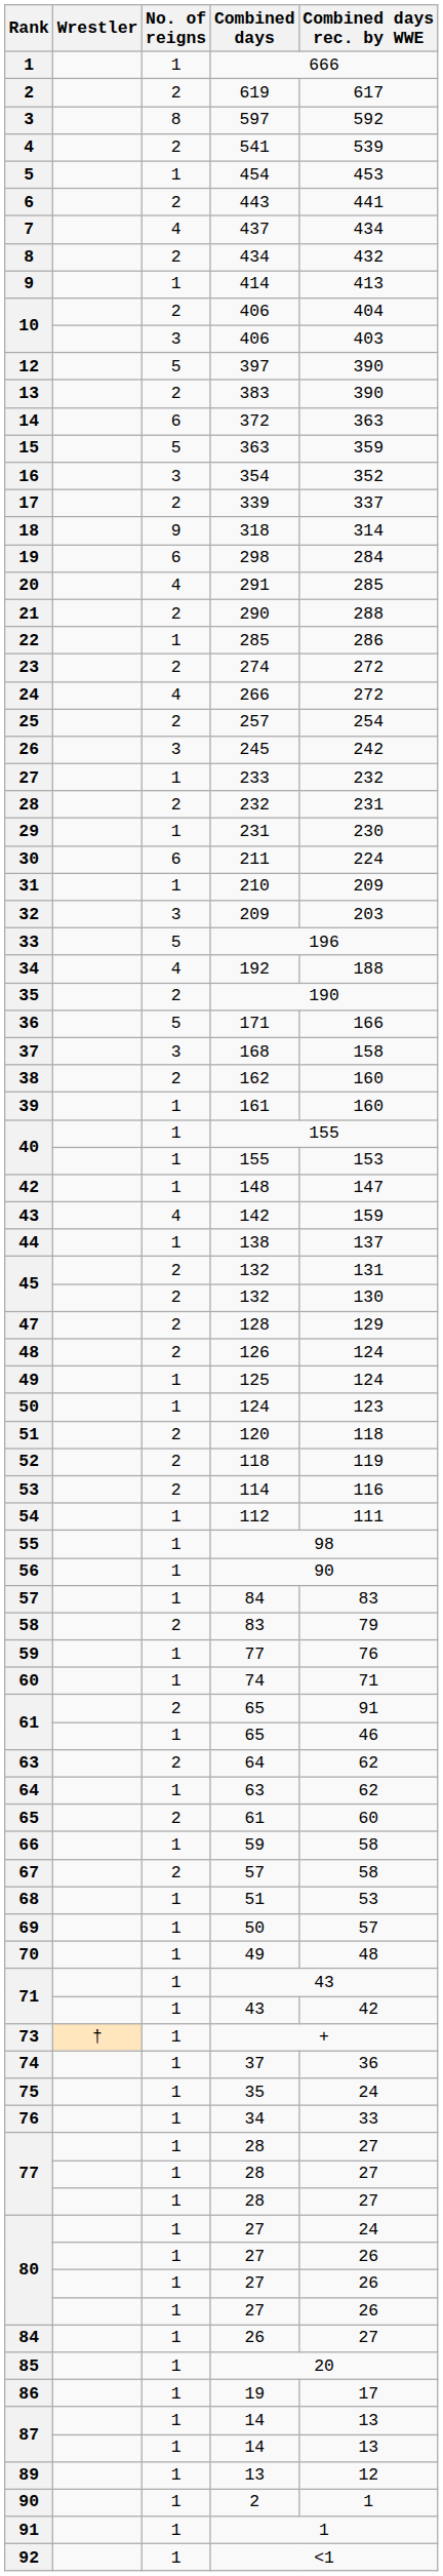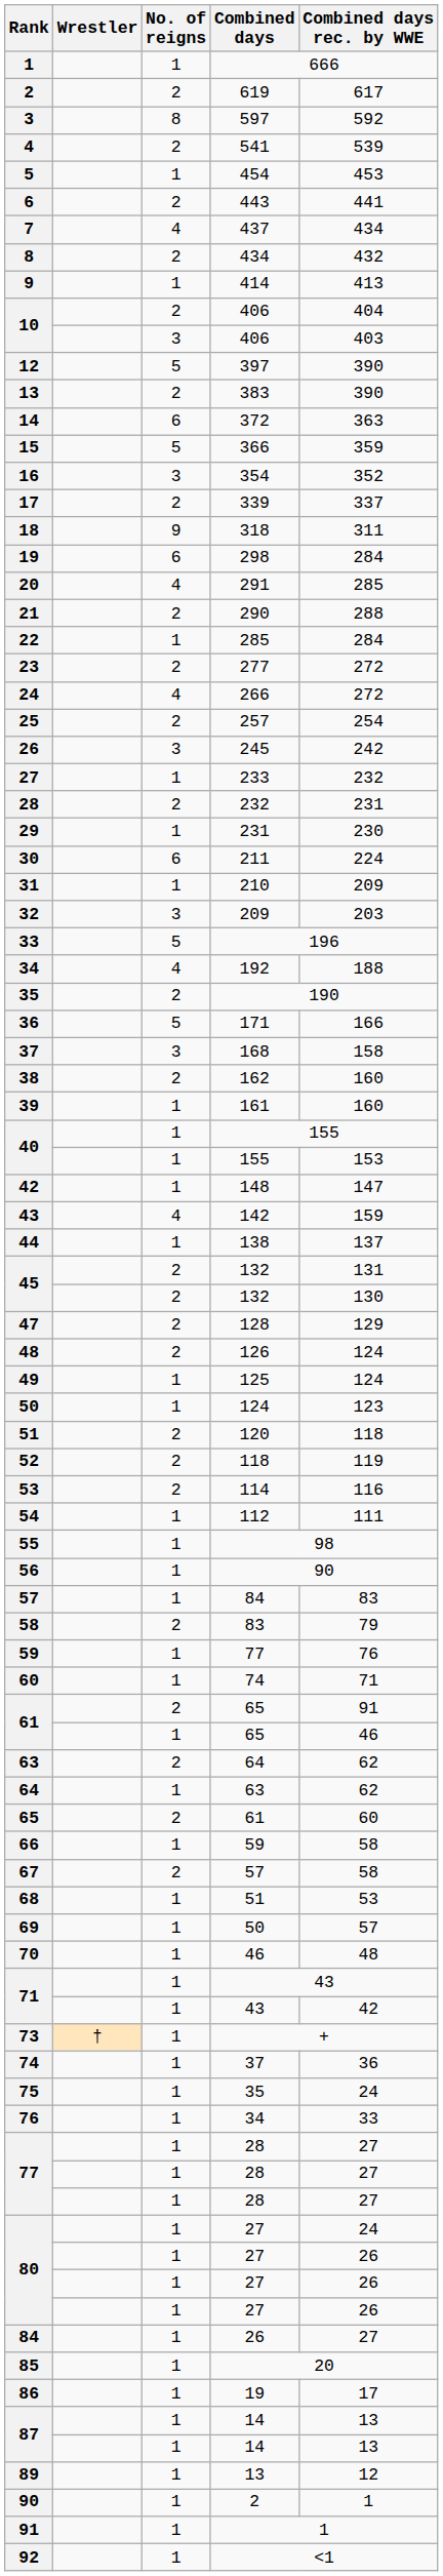 <table class="wikitable sortable" style="text-align: center">
 <tr>
 <th>Rank</th>
 <th>Wrestler</th>
 <th>No. of<br>reigns</th>
 <th>Combined<br>days</th>
 <th>Combined days<br>rec. by WWE</th>
 </tr>
 <tr>
 <th>1</th>
 <td></td>
 <td>1</td>
 <td colspan="2">666</td>
 </tr>
 <tr>
 <th>2</th>
 <td></td>
 <td>2</td>
 <td>619</td>
 <td>617</td>
 </tr>
 <tr>
 <th>3</th>
 <td></td>
 <td>8</td>
 <td>597</td>
 <td>592</td>
 </tr>
 <tr>
 <th>4</th>
 <td></td>
 <td>2</td>
 <td>541</td>
 <td>539</td>
 </tr>
 <tr>
 <th>5</th>
 <td></td>
 <td>1</td>
 <td>454</td>
 <td>453</td>
 </tr>
 <tr>
 <th>6</th>
 <td></td>
 <td>2</td>
 <td>443</td>
 <td>441</td>
 </tr>
 <tr>
 <th>7</th>
 <td></td>
 <td>4</td>
 <td>437</td>
 <td>434</td>
 </tr>
 <tr>
 <th>8</th>
 <td></td>
 <td>2</td>
 <td>434</td>
 <td>432</td>
 </tr>
 <tr>
 <th>9</th>
 <td></td>
 <td>1</td>
 <td>414</td>
 <td>413</td>
 </tr>
 <tr>
 <th rowspan=2>10</th>
 <td></td>
 <td>2</td>
 <td>406</td>
 <td>404</td>
 </tr>
 <tr>
 <td></td>
 <td>3</td>
 <td>406</td>
 <td>403</td>
 </tr>
 <tr>
 <th>12</th>
 <td></td>
 <td>5</td>
 <td>397</td>
 <td>390</td>
 </tr>
 <tr>
 <th>13</th>
 <td></td>
 <td>2</td>
 <td>383</td>
 <td>390</td>
 </tr>
 <tr>
 <th>14</th>
 <td></td>
 <td>6</td>
 <td>372</td>
 <td>363</td>
 </tr>
 <tr>
 <th>15</th>
 <td></td>
 <td>5</td>
-<td>363</td>
+<td>366</td>
 <td>359</td>
 </tr>
 <tr>
 <th>16</th>
 <td></td>
 <td>3</td>
 <td>354</td>
 <td>352</td>
 </tr>
 <tr>
 <th>17</th>
 <td></td>
 <td>2</td>
 <td>339</td>
 <td>337</td>
 </tr>
 <tr>
 <th>18</th>
 <td></td>
 <td>9</td>
 <td>318</td>
-<td>314</td>
+<td>311</td>
 </tr>
 <tr>
 <th>19</th>
 <td></td>
 <td>6</td>
 <td>298</td>
 <td>284</td>
 </tr>
 <tr>
 <th>20</th>
 <td></td>
 <td>4</td>
 <td>291</td>
 <td>285</td>
 </tr>
 <tr>
 <th>21</th>
 <td></td>
 <td>2</td>
 <td>290</td>
 <td>288</td>
 </tr>
 <tr>
 <th>22</th>
 <td></td>
 <td>1</td>
 <td>285</td>
-<td>286</td>
+<td>284</td>
 </tr>
 <tr>
 <th>23</th>
 <td></td>
 <td>2</td>
-<td>274</td>
+<td>277</td>
 <td>272</td>
 </tr>
 <tr>
 <th>24</th>
 <td></td>
 <td>4</td>
 <td>266</td>
 <td>272</td>
 </tr>
 <tr>
 <th>25</th>
 <td></td>
 <td>2</td>
 <td>257</td>
 <td>254</td>
 </tr>
 <tr>
 <th>26</th>
 <td></td>
 <td>3</td>
 <td>245</td>
 <td>242</td>
 </tr>
 <tr>
 <th>27</th>
 <td></td>
 <td>1</td>
 <td>233</td>
 <td>232</td>
 </tr>
 <tr>
 <th>28</th>
 <td></td>
 <td>2</td>
 <td>232</td>
 <td>231</td>
 </tr>
 <tr>
 <th>29</th>
 <td></td>
 <td>1</td>
 <td>231</td>
 <td>230</td>
 </tr>
 <tr>
 <th>30</th>
 <td></td>
 <td>6</td>
 <td>211</td>
 <td>224</td>
 </tr>
 <tr>
 <th>31</th>
 <td></td>
 <td>1</td>
 <td>210</td>
 <td>209</td>
 </tr>
 <tr>
 <th>32</th>
 <td></td>
 <td>3</td>
 <td>209</td>
 <td>203</td>
 </tr>
 <tr>
 <th>33</th>
 <td></td>
 <td>5</td>
 <td colspan="2">196</td>
 </tr>
 <tr>
 <th>34</th>
 <td></td>
 <td>4</td>
 <td>192</td>
 <td>188</td>
 </tr>
 <tr>
 <th>35</th>
 <td></td>
 <td>2</td>
 <td colspan=2>190</td>
 </tr>
 <tr>
 <th>36</th>
 <td></td>
 <td>5</td>
 <td>171</td>
 <td>166</td>
 </tr>
 <tr>
 <th>37</th>
 <td></td>
 <td>3</td>
 <td>168</td>
 <td>158</td>
 </tr>
 <tr>
 <th>38</th>
 <td></td>
 <td>2</td>
 <td>162</td>
 <td>160</td>
 </tr>
 <tr>
 <th>39</th>
 <td></td>
 <td>1</td>
 <td>161</td>
 <td>160</td>
 </tr>
 <tr>
 <th rowspan=2>40</th>
 <td></td>
 <td>1</td>
 <td colspan=2>155</td>
 </tr>
 <tr>
 <td></td>
 <td>1</td>
 <td>155</td>
 <td>153</td>
 </tr>
 <tr>
 <th>42</th>
 <td></td>
 <td>1</td>
 <td>148</td>
 <td>147</td>
 </tr>
 <tr>
 <th>43</th>
 <td></td>
 <td>4</td>
 <td>142</td>
 <td>159</td>
 </tr>
 <tr>
 <th>44</th>
 <td></td>
 <td>1</td>
 <td>138</td>
 <td>137</td>
 </tr>
 <tr>
 <th rowspan=2>45</th>
 <td></td>
 <td>2</td>
 <td>132</td>
 <td>131</td>
 </tr>
 <tr>
 <td></td>
 <td>2</td>
 <td>132</td>
 <td>130</td>
 </tr>
 <tr>
 <th>47</th>
 <td></td>
 <td>2</td>
 <td>128</td>
 <td>129</td>
 </tr>
 <tr>
 <th>48</th>
 <td></td>
 <td>2</td>
 <td>126</td>
 <td>124</td>
 </tr>
 <tr>
 <th>49</th>
 <td></td>
 <td>1</td>
 <td>125</td>
 <td>124</td>
 </tr>
 <tr>
 <th>50</th>
 <td></td>
 <td>1</td>
 <td>124</td>
 <td>123</td>
 </tr>
 <tr>
 <th>51</th>
 <td></td>
 <td>2</td>
 <td>120</td>
 <td>118</td>
 </tr>
 <tr>
 <th>52</th>
 <td></td>
 <td>2</td>
 <td>118</td>
 <td>119</td>
 </tr>
 <tr>
 <th>53</th>
 <td></td>
 <td>2</td>
 <td>114</td>
 <td>116</td>
 </tr>
 <tr>
 <th>54</th>
 <td></td>
 <td>1</td>
 <td>112</td>
 <td>111</td>
 </tr>
 <tr>
 <th>55</th>
 <td></td>
 <td>1</td>
 <td colspan=2>98</td>
 </tr>
 <tr>
 <th>56</th>
 <td></td>
 <td>1</td>
 <td colspan=2>90</td>
 </tr>
 <tr>
 <th>57</th>
 <td></td>
 <td>1</td>
 <td>84</td>
 <td>83</td>
 </tr>
 <tr>
 <th>58</th>
 <td></td>
 <td>2</td>
 <td>83</td>
 <td>79</td>
 </tr>
 <tr>
 <th>59</th>
 <td></td>
 <td>1</td>
 <td>77</td>
 <td>76</td>
 </tr>
 <tr>
 <th>60</th>
 <td></td>
 <td>1</td>
 <td>74</td>
 <td>71</td>
 </tr>
 <tr>
 <th rowspan=2>61</th>
 <td></td>
 <td>2</td>
 <td>65</td>
 <td>91</td>
 </tr>
 <tr>
 <td></td>
 <td>1</td>
 <td>65</td>
 <td>46</td>
 </tr>
 <tr>
 <th>63</th>
 <td></td>
 <td>2</td>
 <td>64</td>
 <td>62</td>
 </tr>
 <tr>
 <th>64</th>
 <td></td>
 <td>1</td>
 <td>63</td>
 <td>62</td>
 </tr>
 <tr>
 <th>65</th>
 <td></td>
 <td>2</td>
 <td>61</td>
 <td>60</td>
 </tr>
 <tr>
 <th>66</th>
 <td></td>
 <td>1</td>
 <td>59</td>
 <td>58</td>
 </tr>
 <tr>
 <th>67</th>
 <td></td>
 <td>2</td>
 <td>57</td>
 <td>58</td>
 </tr>
 <tr>
 <th>68</th>
 <td></td>
 <td>1</td>
 <td>51</td>
 <td>53</td>
 </tr>
 <tr>
 <th>69</th>
 <td></td>
 <td>1</td>
 <td>50</td>
 <td>57</td>
 </tr>
 <tr>
 <th>70</th>
 <td></td>
 <td>1</td>
-<td>49</td>
+<td>46</td>
 <td>48</td>
 </tr>
 <tr>
 <th rowspan=2>71</th>
 <td></td>
 <td>1</td>
 <td colspan=2>43</td>
 </tr>
 <tr>
 <td></td>
 <td>1</td>
 <td>43</td>
 <td>42</td>
 </tr>
 <tr>
 <th>73</th>
 <td style="background:#ffe6bd;"> †</td>
 <td>1</td>
 <td colspan="2">+</td>
 </tr>
 <tr>
 <th>74</th>
 <td></td>
 <td>1</td>
 <td>37</td>
 <td>36</td>
 </tr>
 <tr>
 <th>75</th>
 <td></td>
 <td>1</td>
 <td>35</td>
 <td>24</td>
 </tr>
 <tr>
 <th>76</th>
 <td></td>
 <td>1</td>
 <td>34</td>
 <td>33</td>
 </tr>
 <tr>
 <th rowspan=3>77</th>
 <td></td>
 <td>1</td>
 <td>28</td>
 <td>27</td>
 </tr>
 <tr>
 <td></td>
 <td>1</td>
 <td>28</td>
 <td>27</td>
 </tr>
 <tr>
 <td></td>
 <td>1</td>
 <td>28</td>
 <td>27</td>
 </tr>
 <tr>
 <th rowspan=4>80</th>
 <td></td>
 <td>1</td>
 <td>27</td>
 <td>24</td>
 </tr>
 <tr>
 <td></td>
 <td>1</td>
 <td>27</td>
 <td>26</td>
 </tr>
 <tr>
 <td></td>
 <td>1</td>
 <td>27</td>
 <td>26</td>
 </tr>
 <tr>
 <td></td>
 <td>1</td>
 <td>27</td>
 <td>26</td>
 </tr>
 <tr>
 <th>84</th>
 <td></td>
 <td>1</td>
 <td>26</td>
 <td>27</td>
 </tr>
 <tr>
 <th>85</th>
 <td></td>
 <td>1</td>
 <td colspan=2>20</td>
 </tr>
 <tr>
 <th>86</th>
 <td></td>
 <td>1</td>
 <td>19</td>
 <td>17</td>
 </tr>
 <tr>
 <th rowspan=2>87</th>
 <td></td>
 <td>1</td>
 <td>14</td>
 <td>13</td>
 </tr>
 <tr>
 <td></td>
 <td>1</td>
 <td>14</td>
 <td>13</td>
 </tr>
 <tr>
 <th>89</th>
 <td></td>
 <td>1</td>
 <td>13</td>
 <td>12</td>
 </tr>
 <tr>
 <th>90</th>
 <td></td>
 <td>1</td>
 <td>2</td>
 <td>1</td>
 </tr>
 <tr>
 <th>91</th>
 <td></td>
 <td>1</td>
 <td colspan="2">1</td>
 </tr>
 <tr>
 <th>92</th>
 <td></td>
 <td>1</td>
 <td colspan=2><1</td>
 </tr>
 </table>
